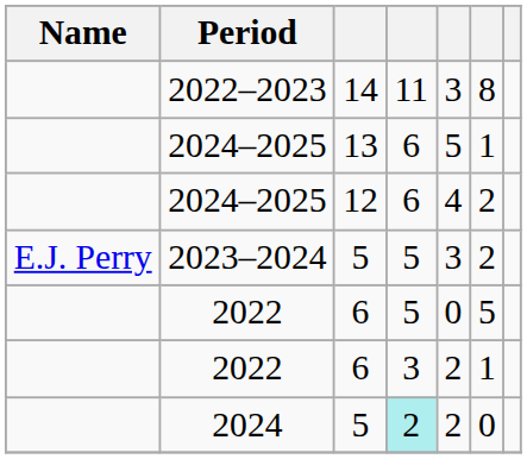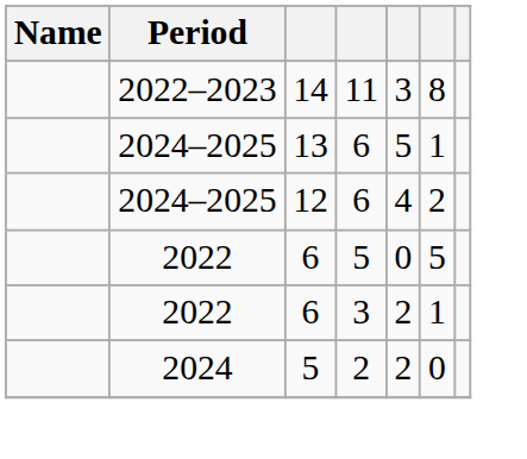 <table class="wikitable sortable" style="text-align:center">
 <tr>
 <th scope="col">Name</th>
 <th scope="col">Period</th>
 <th scope="col"></th>
 <th scope="col"></th>
 <th scope="col"></th>
 <th scope="col"></th>
 <th scope="col"></th>
 </tr>
 <tr>
 <td></td>
 <td>2022–2023</td>
 <td>14</td>
 <td>11</td>
 <td>3</td>
 <td>8</td>
 <td></td>
 </tr>
 <tr>
 <td></td>
 <td>2024–2025</td>
 <td>13</td>
 <td>6</td>
 <td>5</td>
 <td>1</td>
 <td></td>
 </tr>
 <tr>
 <td></td>
 <td>2024–2025</td>
 <td>12</td>
 <td>6</td>
 <td>4</td>
 <td>2</td>
 <td></td>
 </tr>
 <tr>
-<td><a href='#'>E.J. Perry</a></td>
-<td>2023–2024</td>
-<td>5</td>
-<td>5</td>
-<td>3</td>
-<td>2</td>
-<td></td>
-</tr>
-<tr>
 <td></td>
 <td>2022</td>
 <td>6</td>
 <td>5</td>
 <td>0</td>
 <td>5</td>
 <td></td>
 </tr>
 <tr>
 <td></td>
 <td>2022</td>
 <td>6</td>
 <td>3</td>
 <td>2</td>
 <td>1</td>
 <td></td>
 </tr>
 <tr>
 <td></td>
 <td>2024</td>
 <td>5</td>
-<td style="background: paleturquoise;">2</td>
+<td>2</td>
 <td>2</td>
 <td>0</td>
 <td></td>
 </tr>
 <tr>
 </tr>
 </table>
